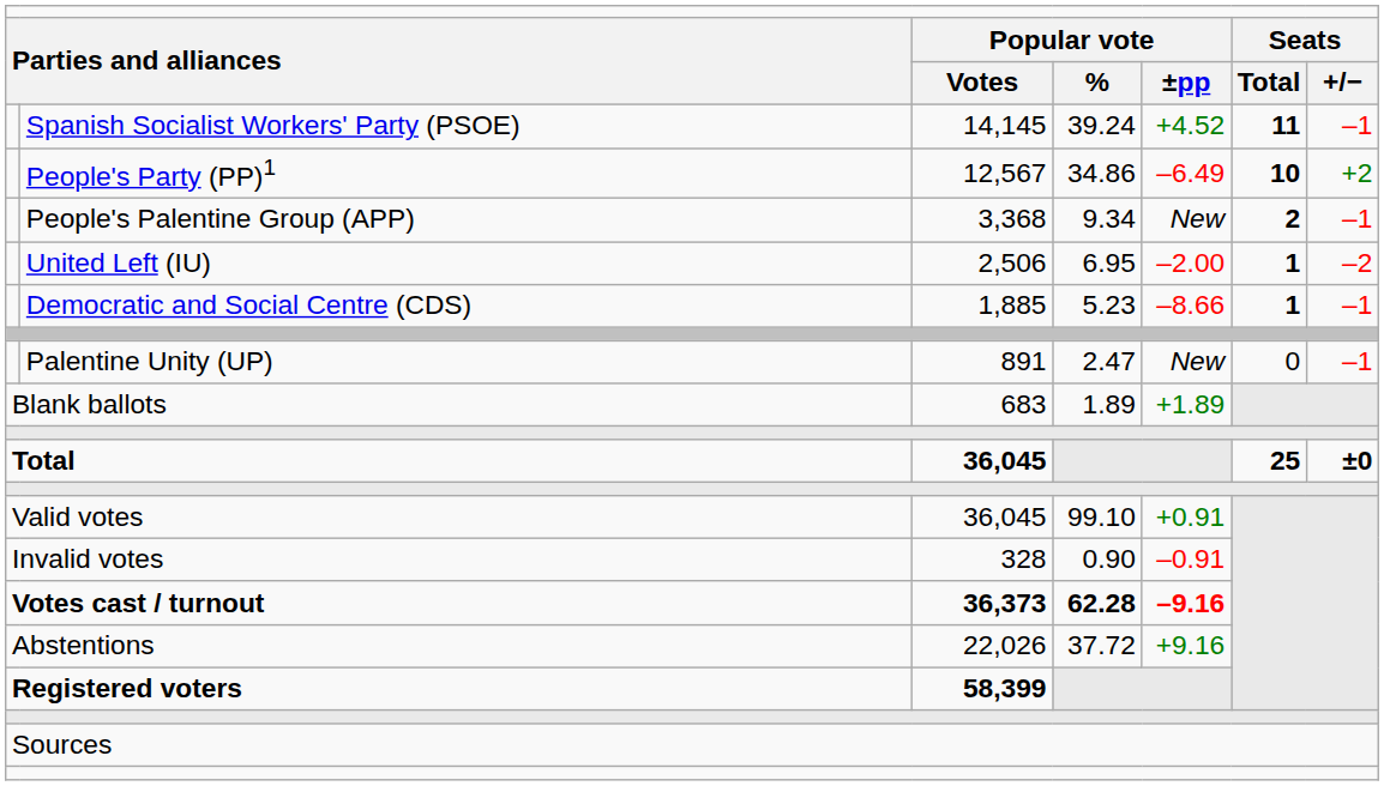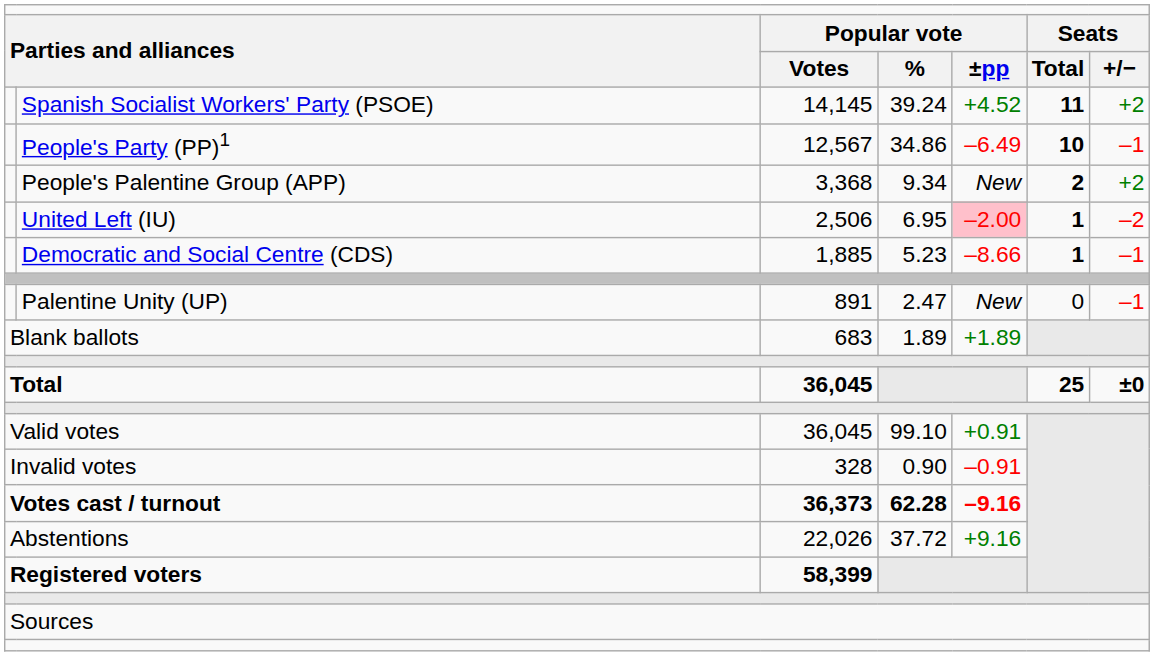 <table class="wikitable" style="text-align:right;">
 <tr>
 <td colspan="7"></td>
 </tr>
 <tr>
 <th style="text-align:left;" rowspan="2" colspan="2" width="525">Parties and alliances</th>
 <th colspan="3">Popular vote</th>
 <th colspan="2">Seats</th>
 </tr>
 <tr>
 <th width="75">Votes</th>
 <th width="45">%</th>
 <th width="45">±<a href='#'>pp</a></th>
 <th width="35">Total</th>
 <th width="35">+/−</th>
 </tr>
 <tr>
 <td width="1" style="color:inherit;background:"></td>
 <td align="left"><a href='#'>Spanish Socialist Workers' Party</a> (PSOE)</td>
 <td>14,145</td>
 <td>39.24</td>
 <td style="color:green;">+4.52</td>
 <td><strong>11</strong></td>
-<td style="color:red;">–1</td>
+<td style="color:green;">+2</td>
 </tr>
 <tr>
 <td style="color:inherit;background:"></td>
 <td align="left"><a href='#'>People's Party</a> (PP)<sup>1</sup></td>
 <td>12,567</td>
 <td>34.86</td>
 <td style="color:red;">–6.49</td>
 <td><strong>10</strong></td>
-<td style="color:green;">+2</td>
+<td style="color:red;">–1</td>
 </tr>
 <tr>
 <td style="color:inherit;background:"></td>
 <td align="left">People's Palentine Group (APP)</td>
 <td>3,368</td>
 <td>9.34</td>
 <td><em>New</em></td>
 <td><strong>2</strong></td>
-<td style="color:red;">–1</td>
+<td style="color:green;">+2</td>
 </tr>
 <tr>
 <td style="color:inherit;background:"></td>
 <td align="left"><a href='#'>United Left</a> (IU)</td>
 <td>2,506</td>
 <td>6.95</td>
-<td style="color:red;">–2.00</td>
+<td style="background: pink; color:red;">–2.00</td>
 <td><strong>1</strong></td>
 <td style="color:red;">–2</td>
 </tr>
 <tr>
 <td style="color:inherit;background:"></td>
 <td align="left"><a href='#'>Democratic and Social Centre</a> (CDS)</td>
 <td>1,885</td>
 <td>5.23</td>
 <td style="color:red;">–8.66</td>
 <td><strong>1</strong></td>
 <td style="color:red;">–1</td>
 </tr>
 <tr>
 <td colspan="7" bgcolor="#C0C0C0"></td>
 </tr>
 <tr>
 <td style="color:inherit;background:"></td>
 <td align="left">Palentine Unity (UP)</td>
 <td>891</td>
 <td>2.47</td>
 <td><em>New</em></td>
 <td>0</td>
 <td style="color:red;">–1</td>
 </tr>
 <tr>
 <td align="left" colspan="2">Blank ballots</td>
 <td>683</td>
 <td>1.89</td>
 <td style="color:green;">+1.89</td>
 <td bgcolor="#E9E9E9" colspan="2"></td>
 </tr>
 <tr>
 <td colspan="7" bgcolor="#E9E9E9"></td>
 </tr>
 <tr style="font-weight:bold;">
 <td align="left" colspan="2">Total</td>
 <td>36,045</td>
 <td bgcolor="#E9E9E9" colspan="2"></td>
 <td>25</td>
 <td>±0</td>
 </tr>
 <tr>
 <td colspan="7" bgcolor="#E9E9E9"></td>
 </tr>
 <tr>
 <td align="left" colspan="2">Valid votes</td>
 <td>36,045</td>
 <td>99.10</td>
 <td style="color:green;">+0.91</td>
 <td bgcolor="#E9E9E9" colspan="2" rowspan="5"></td>
 </tr>
 <tr>
 <td align="left" colspan="2">Invalid votes</td>
 <td>328</td>
 <td>0.90</td>
 <td style="color:red;">–0.91</td>
 </tr>
 <tr style="font-weight:bold;">
 <td align="left" colspan="2">Votes cast / turnout</td>
 <td>36,373</td>
 <td>62.28</td>
 <td style="color:red;">–9.16</td>
 </tr>
 <tr>
 <td align="left" colspan="2">Abstentions</td>
 <td>22,026</td>
 <td>37.72</td>
 <td style="color:green;">+9.16</td>
 </tr>
 <tr style="font-weight:bold;">
 <td align="left" colspan="2">Registered voters</td>
 <td>58,399</td>
 <td bgcolor="#E9E9E9" colspan="2"></td>
 </tr>
 <tr>
 <td colspan="7" bgcolor="#E9E9E9"></td>
 </tr>
 <tr>
 <td align="left" colspan="7">Sources</td>
 </tr>
 <tr>
 <td colspan="7" style="text-align:left; max-width:790px;"></td>
 </tr>
 </table>
